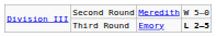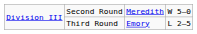 <table class="wikitable">
 <tr>
 <td rowspan="5"><a href='#'>Division III</a></td>
 <td>Second Round</td>
 <td><a href='#'>Meredith</a></td>
 <td>W 5–0</td>
 </tr>
 <tr>
 <td>Third Round</td>
 <td><a href='#'>Emory</a></td>
-<td><strong>L 2–5</strong></td>
+<td>L 2–5</td>
 </tr>
 </table>
